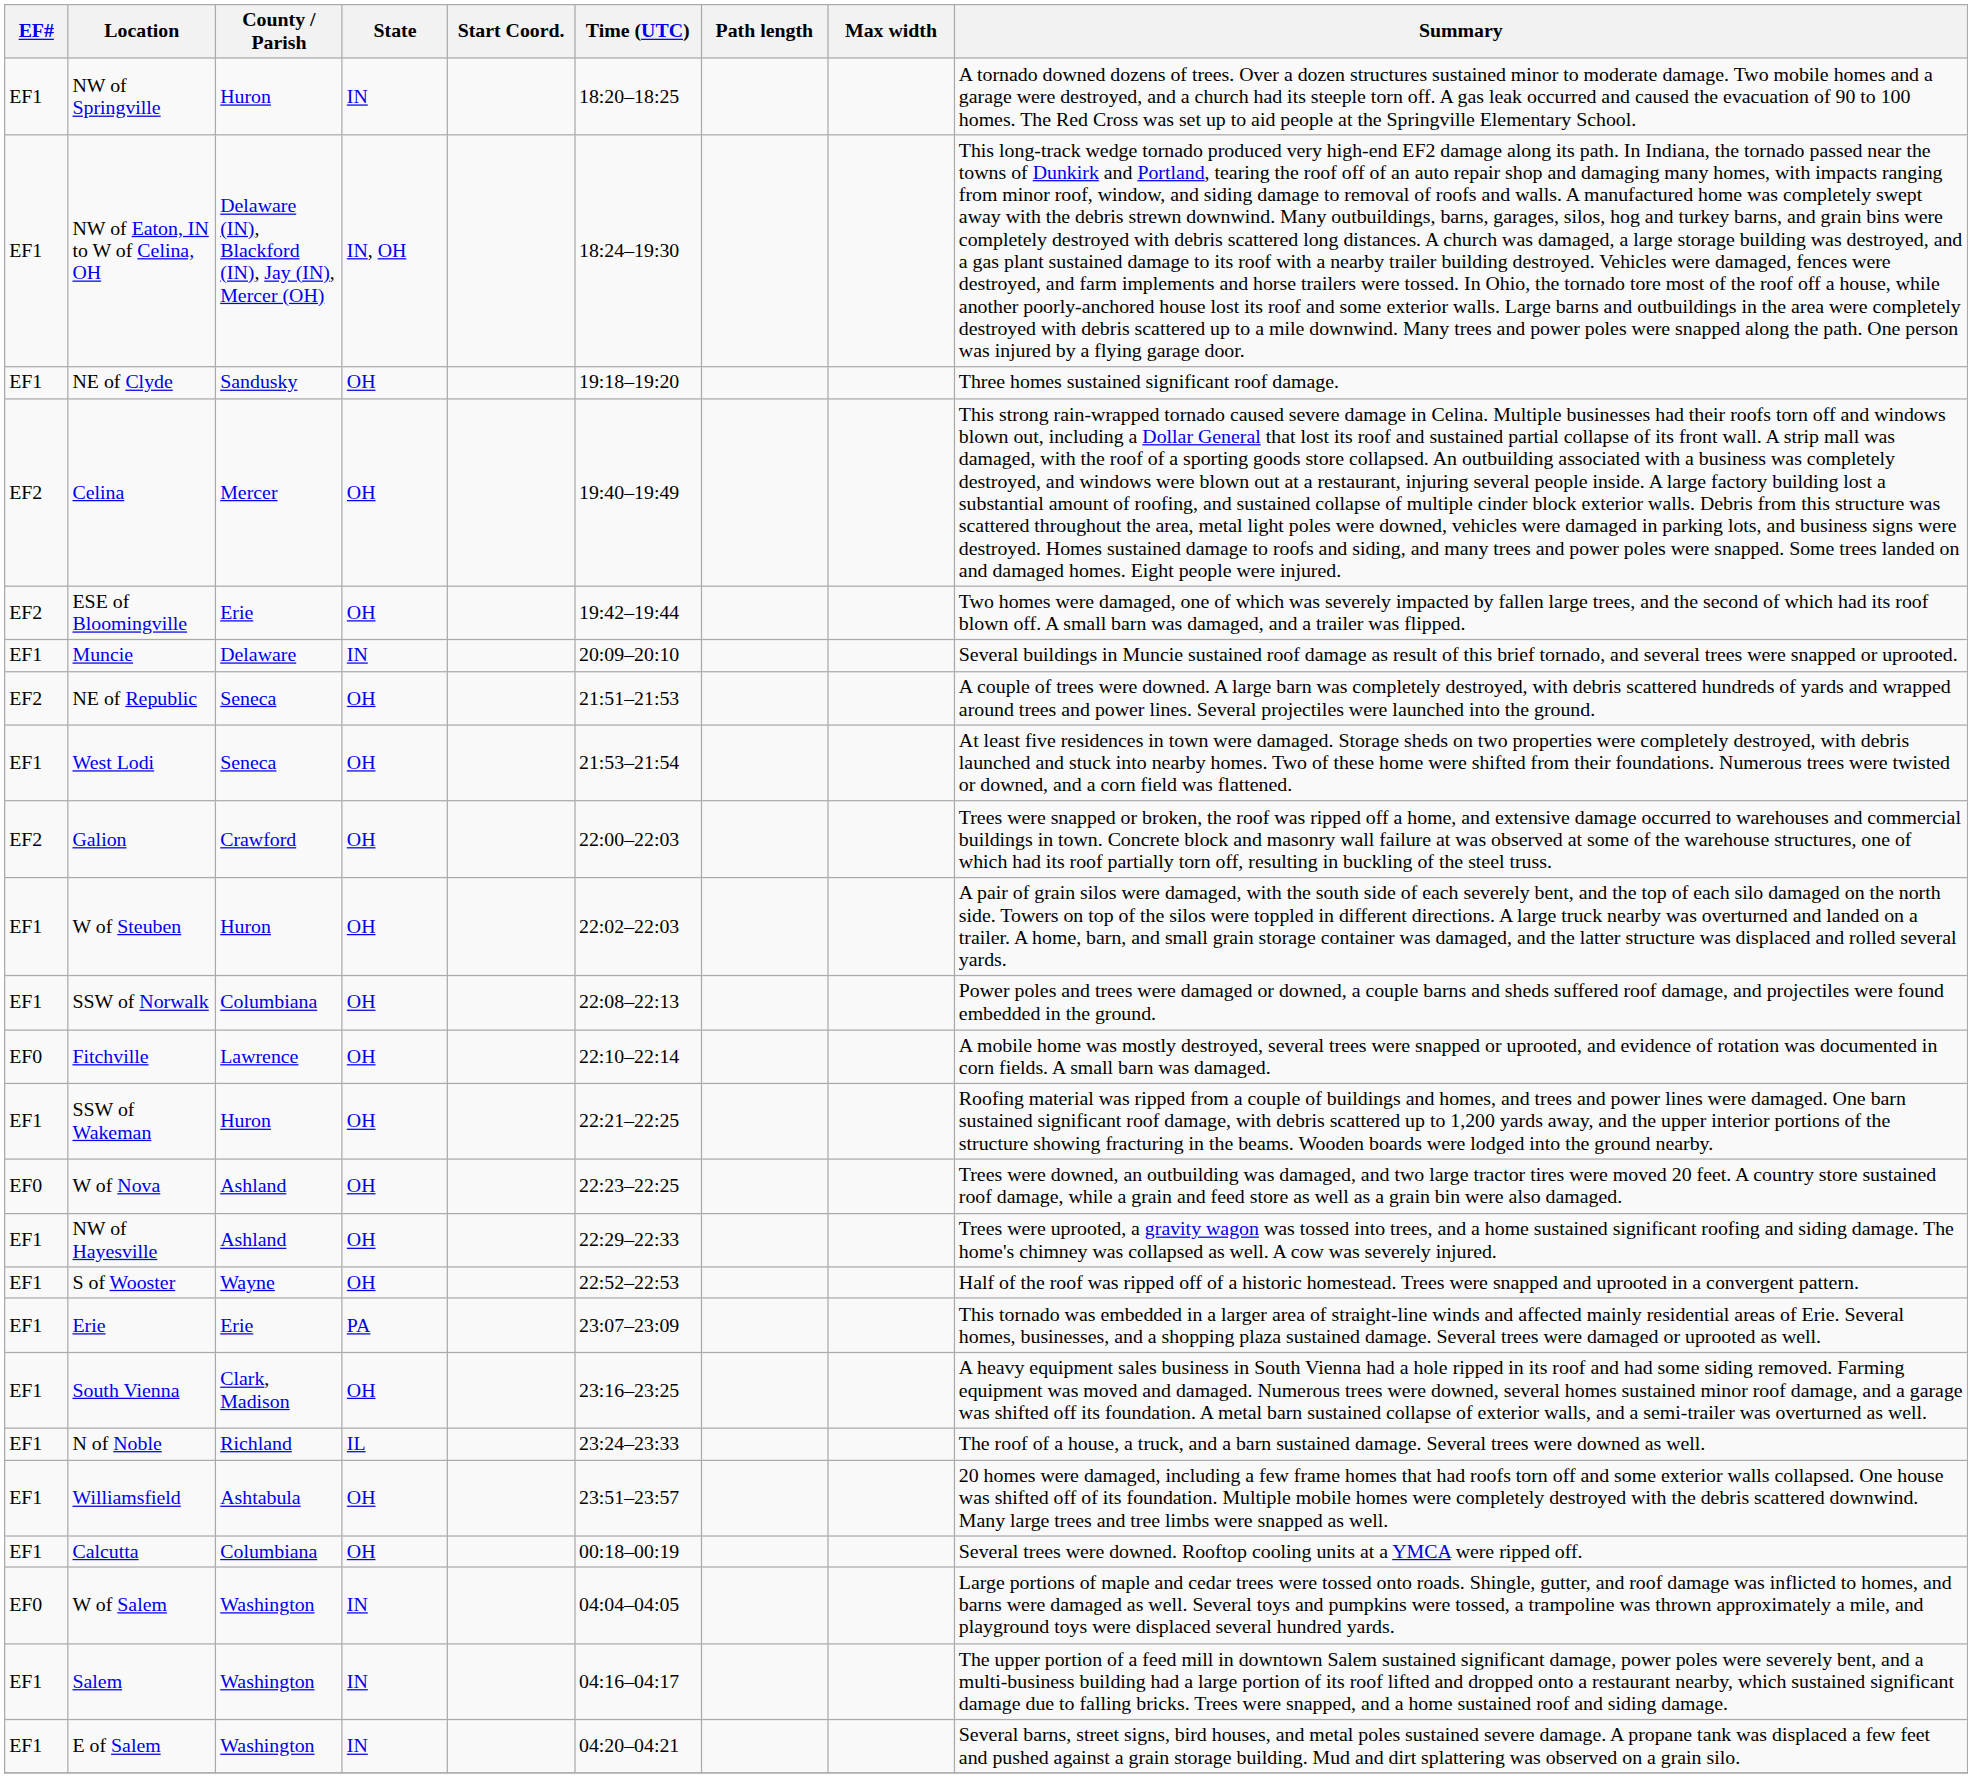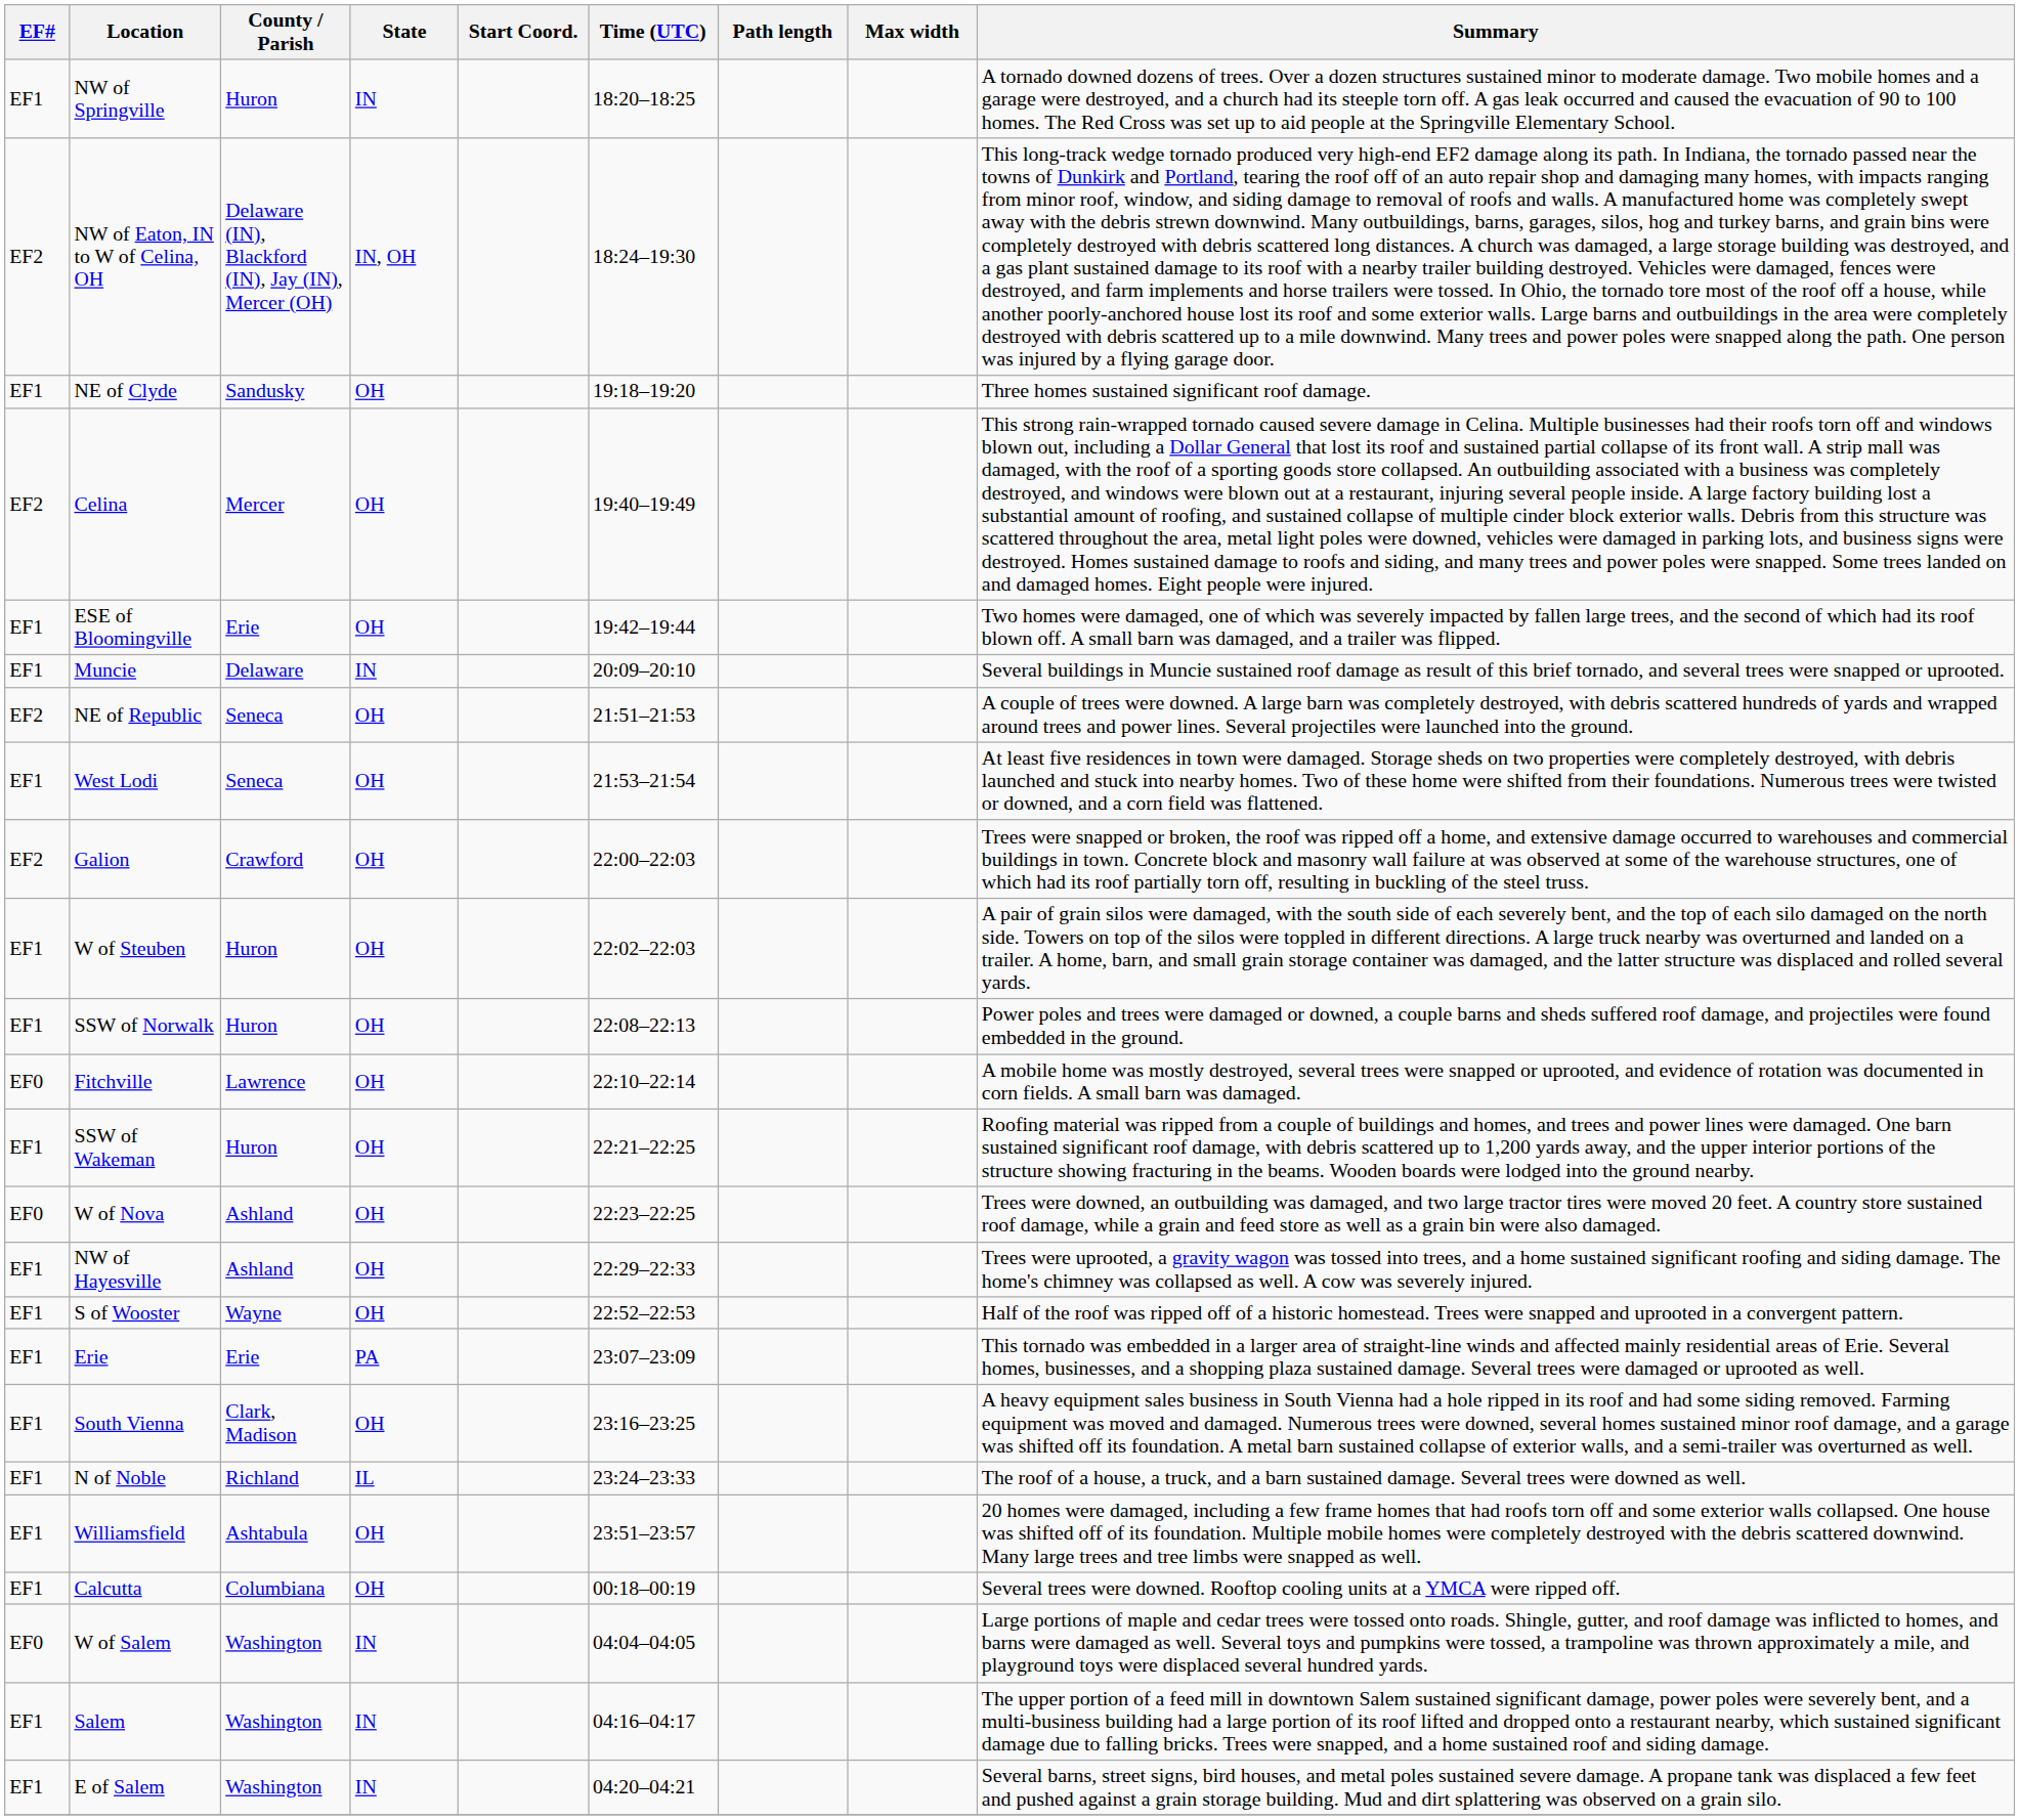 <table class="wikitable sortable" style="width:100%;">
 <tr>
 <th scope="col"  style="width:3%; text-align:center;"><a href='#'>EF#</a></th>
 <th scope="col"  style="width:7%; text-align:center;" class="unsortable">Location</th>
 <th scope="col"  style="width:6%; text-align:center;" class="unsortable">County / Parish</th>
 <th scope="col"  style="width:5%; text-align:center;">State</th>
 <th scope="col"  style="width:6%; text-align:center;">Start Coord.</th>
 <th scope="col"  style="width:6%; text-align:center;">Time (<a href='#'>UTC</a>)</th>
 <th scope="col"  style="width:6%; text-align:center;">Path length</th>
 <th scope="col"  style="width:6%; text-align:center;">Max width</th>
 <th scope="col" class="unsortable" style="width:48%; text-align:center;">Summary</th>
 </tr>
 <tr>
 <td>EF1</td>
 <td>NW of <a href='#'>Springville</a></td>
 <td><a href='#'>Huron</a></td>
 <td><a href='#'>IN</a></td>
 <td></td>
 <td>18:20–18:25</td>
 <td></td>
 <td></td>
 <td>A tornado downed dozens of trees. Over a dozen structures sustained minor to moderate damage. Two mobile homes and a garage were destroyed, and a church had its steeple torn off. A gas leak occurred and caused the evacuation of 90 to 100 homes. The Red Cross was set up to aid people at the Springville Elementary School.</td>
 </tr>
 <tr>
-<td>EF1</td>
+<td>EF2</td>
 <td>NW of <a href='#'>Eaton, IN</a> to W of <a href='#'>Celina, OH</a></td>
 <td><a href='#'>Delaware (IN)</a>, <a href='#'>Blackford (IN)</a>,  <a href='#'>Jay (IN)</a>, <a href='#'>Mercer (OH)</a></td>
 <td><a href='#'>IN</a>, <a href='#'>OH</a></td>
 <td></td>
 <td>18:24–19:30</td>
 <td></td>
 <td></td>
 <td>This long-track wedge tornado produced very high-end EF2 damage along its path. In Indiana, the tornado passed near the towns of <a href='#'>Dunkirk</a> and <a href='#'>Portland</a>, tearing the roof off of an auto repair shop and damaging many homes, with impacts ranging from minor roof, window, and siding damage to removal of roofs and walls. A manufactured home was completely swept away with the debris strewn downwind. Many outbuildings, barns, garages, silos, hog and turkey barns, and grain bins were completely destroyed with debris scattered long distances. A church was damaged, a large storage building was destroyed, and a gas plant sustained damage to its roof with a nearby trailer building destroyed. Vehicles were damaged, fences were destroyed, and farm implements and horse trailers were tossed. In Ohio, the tornado tore most of the roof off a house, while another poorly-anchored house lost its roof and some exterior walls. Large barns and outbuildings in the area were completely destroyed with debris scattered up to a mile downwind. Many trees and power poles were snapped along the path. One person was injured by a flying garage door.</td>
 </tr>
 <tr>
 <td>EF1</td>
 <td>NE of <a href='#'>Clyde</a></td>
 <td><a href='#'>Sandusky</a></td>
 <td><a href='#'>OH</a></td>
 <td></td>
 <td>19:18–19:20</td>
 <td></td>
 <td></td>
 <td>Three homes sustained significant roof damage.</td>
 </tr>
 <tr>
 <td>EF2</td>
 <td><a href='#'>Celina</a></td>
 <td><a href='#'>Mercer</a></td>
 <td><a href='#'>OH</a></td>
 <td></td>
 <td>19:40–19:49</td>
 <td></td>
 <td></td>
 <td>This strong rain-wrapped tornado caused severe damage in Celina. Multiple businesses had their roofs torn off and windows blown out, including a <a href='#'>Dollar General</a> that lost its roof and sustained partial collapse of its front wall. A strip mall was damaged, with the roof of a sporting goods store collapsed. An outbuilding associated with a business was completely destroyed, and windows were blown out at a restaurant, injuring several people inside. A large factory building lost a substantial amount of roofing, and sustained collapse of multiple cinder block exterior walls. Debris from this structure was scattered throughout the area, metal light poles were downed, vehicles were damaged in parking lots, and business signs were destroyed. Homes sustained damage to roofs and siding, and many trees and power poles were snapped. Some trees landed on and damaged homes. Eight people were injured.</td>
 </tr>
 <tr>
-<td>EF2</td>
+<td>EF1</td>
 <td>ESE of <a href='#'>Bloomingville</a></td>
 <td><a href='#'>Erie</a></td>
 <td><a href='#'>OH</a></td>
 <td></td>
 <td>19:42–19:44</td>
 <td></td>
 <td></td>
 <td>Two homes were damaged, one of which was severely impacted by fallen large trees, and the second of which had its roof blown off. A small barn was damaged, and a trailer was flipped.</td>
 </tr>
 <tr>
 <td>EF1</td>
 <td><a href='#'>Muncie</a></td>
 <td><a href='#'>Delaware</a></td>
 <td><a href='#'>IN</a></td>
 <td></td>
 <td>20:09–20:10</td>
 <td></td>
 <td></td>
 <td>Several buildings in Muncie sustained roof damage as result of this brief tornado, and several trees were snapped or uprooted.</td>
 </tr>
 <tr>
 <td>EF2</td>
 <td>NE of <a href='#'>Republic</a></td>
 <td><a href='#'>Seneca</a></td>
 <td><a href='#'>OH</a></td>
 <td></td>
 <td>21:51–21:53</td>
 <td></td>
 <td></td>
 <td>A couple of trees were downed. A large barn was completely destroyed, with debris scattered hundreds of yards and wrapped around trees and power lines. Several projectiles were launched into the ground.</td>
 </tr>
 <tr>
 <td>EF1</td>
 <td><a href='#'>West Lodi</a></td>
 <td><a href='#'>Seneca</a></td>
 <td><a href='#'>OH</a></td>
 <td></td>
 <td>21:53–21:54</td>
 <td></td>
 <td></td>
 <td>At least five residences in town were damaged. Storage sheds on two properties were completely destroyed, with debris launched and stuck into nearby homes. Two of these home were shifted from their foundations. Numerous trees were twisted or downed, and a corn field was flattened.</td>
 </tr>
 <tr>
 <td>EF2</td>
 <td><a href='#'>Galion</a></td>
 <td><a href='#'>Crawford</a></td>
 <td><a href='#'>OH</a></td>
 <td></td>
 <td>22:00–22:03</td>
 <td></td>
 <td></td>
 <td>Trees were snapped or broken, the roof was ripped off a home, and extensive damage occurred to warehouses and commercial buildings in town. Concrete block and masonry wall failure at was observed at some of the warehouse structures, one of which had its roof partially torn off, resulting in buckling of the steel truss.</td>
 </tr>
 <tr>
 <td>EF1</td>
 <td>W of <a href='#'>Steuben</a></td>
 <td><a href='#'>Huron</a></td>
 <td><a href='#'>OH</a></td>
 <td></td>
 <td>22:02–22:03</td>
 <td></td>
 <td></td>
 <td>A pair of grain silos were damaged, with the south side of each severely bent, and the top of each silo damaged on the north side. Towers on top of the silos were toppled in different directions. A large truck nearby was overturned and landed on a trailer. A home, barn, and small grain storage container was damaged, and the latter structure was displaced and rolled several yards.</td>
 </tr>
 <tr>
 <td>EF1</td>
 <td>SSW of <a href='#'>Norwalk</a></td>
-<td><a href='#'>Columbiana</a></td>
+<td><a href='#'>Huron</a></td>
 <td><a href='#'>OH</a></td>
 <td></td>
 <td>22:08–22:13</td>
 <td></td>
 <td></td>
 <td>Power poles and trees were damaged or downed, a couple barns and sheds suffered roof damage, and projectiles were found embedded in the ground.</td>
 </tr>
 <tr>
 <td>EF0</td>
 <td><a href='#'>Fitchville</a></td>
 <td><a href='#'>Lawrence</a></td>
 <td><a href='#'>OH</a></td>
 <td></td>
 <td>22:10–22:14</td>
 <td></td>
 <td></td>
 <td>A mobile home was mostly destroyed, several trees were snapped or uprooted, and evidence of rotation was documented in corn fields. A small barn was damaged.</td>
 </tr>
 <tr>
 <td>EF1</td>
 <td>SSW of <a href='#'>Wakeman</a></td>
 <td><a href='#'>Huron</a></td>
 <td><a href='#'>OH</a></td>
 <td></td>
 <td>22:21–22:25</td>
 <td></td>
 <td></td>
 <td>Roofing material was ripped from a couple of buildings and homes, and trees and power lines were damaged. One barn sustained significant roof damage, with debris scattered up to 1,200 yards away, and the upper interior portions of the structure showing fracturing in the beams. Wooden boards were lodged into the ground nearby.</td>
 </tr>
 <tr>
 <td>EF0</td>
 <td>W of <a href='#'>Nova</a></td>
 <td><a href='#'>Ashland</a></td>
 <td><a href='#'>OH</a></td>
 <td></td>
 <td>22:23–22:25</td>
 <td></td>
 <td></td>
 <td>Trees were downed, an outbuilding was damaged, and two large tractor tires were moved 20 feet. A country store sustained roof damage, while a grain and feed store as well as a grain bin were also damaged.</td>
 </tr>
 <tr>
 <td>EF1</td>
 <td>NW of <a href='#'>Hayesville</a></td>
 <td><a href='#'>Ashland</a></td>
 <td><a href='#'>OH</a></td>
 <td></td>
 <td>22:29–22:33</td>
 <td></td>
 <td></td>
 <td>Trees were uprooted, a <a href='#'>gravity wagon</a> was tossed into trees, and a home sustained significant roofing and siding damage. The home's chimney was collapsed as well. A cow was severely injured.</td>
 </tr>
 <tr>
 <td>EF1</td>
 <td>S of <a href='#'>Wooster</a></td>
 <td><a href='#'>Wayne</a></td>
 <td><a href='#'>OH</a></td>
 <td></td>
 <td>22:52–22:53</td>
 <td></td>
 <td></td>
 <td>Half of the roof was ripped off of a historic homestead. Trees were snapped and uprooted in a convergent pattern.</td>
 </tr>
 <tr>
 <td>EF1</td>
 <td><a href='#'>Erie</a></td>
 <td><a href='#'>Erie</a></td>
 <td><a href='#'>PA</a></td>
 <td></td>
 <td>23:07–23:09</td>
 <td></td>
 <td></td>
 <td>This tornado was embedded in a larger area of straight-line winds and affected mainly residential areas of Erie. Several homes, businesses, and a shopping plaza sustained damage. Several trees were damaged or uprooted as well.</td>
 </tr>
 <tr>
 <td>EF1</td>
 <td><a href='#'>South Vienna</a></td>
 <td><a href='#'>Clark</a>, <a href='#'>Madison</a></td>
 <td><a href='#'>OH</a></td>
 <td></td>
 <td>23:16–23:25</td>
 <td></td>
 <td></td>
 <td>A heavy equipment sales business in South Vienna had a hole ripped in its roof and had some siding removed. Farming equipment was moved and damaged. Numerous trees were downed, several homes sustained minor roof damage, and a garage was shifted off its foundation. A metal barn sustained collapse of exterior walls, and a semi-trailer was overturned as well.</td>
 </tr>
 <tr>
 <td>EF1</td>
 <td>N of <a href='#'>Noble</a></td>
 <td><a href='#'>Richland</a></td>
 <td><a href='#'>IL</a></td>
 <td></td>
 <td>23:24–23:33</td>
 <td></td>
 <td></td>
 <td>The roof of a house, a truck, and a barn sustained damage. Several trees were downed as well.</td>
 </tr>
 <tr>
 <td>EF1</td>
 <td><a href='#'>Williamsfield</a></td>
 <td><a href='#'>Ashtabula</a></td>
 <td><a href='#'>OH</a></td>
 <td></td>
 <td>23:51–23:57</td>
 <td></td>
 <td></td>
 <td>20 homes were damaged, including a few frame homes that had roofs torn off and some exterior walls collapsed. One house was shifted off of its foundation. Multiple mobile homes were completely destroyed with the debris scattered downwind. Many large trees and tree limbs were snapped as well.</td>
 </tr>
 <tr>
 <td>EF1</td>
 <td><a href='#'>Calcutta</a></td>
 <td><a href='#'>Columbiana</a></td>
 <td><a href='#'>OH</a></td>
 <td></td>
 <td>00:18–00:19</td>
 <td></td>
 <td></td>
 <td>Several trees were downed. Rooftop cooling units at a <a href='#'>YMCA</a> were ripped off.</td>
 </tr>
 <tr>
 <td>EF0</td>
 <td>W of <a href='#'>Salem</a></td>
 <td><a href='#'>Washington</a></td>
 <td><a href='#'>IN</a></td>
 <td></td>
 <td>04:04–04:05</td>
 <td></td>
 <td></td>
 <td>Large portions of maple and cedar trees were tossed onto roads. Shingle, gutter, and roof damage was inflicted to homes, and barns were damaged as well. Several toys and pumpkins were tossed, a trampoline was thrown approximately a mile, and playground toys were displaced several hundred yards.</td>
 </tr>
 <tr>
 <td>EF1</td>
 <td><a href='#'>Salem</a></td>
 <td><a href='#'>Washington</a></td>
 <td><a href='#'>IN</a></td>
 <td></td>
 <td>04:16–04:17</td>
 <td></td>
 <td></td>
 <td>The upper portion of a feed mill in downtown Salem sustained significant damage, power poles were severely bent, and a multi-business building had a large portion of its roof lifted and dropped onto a restaurant nearby, which sustained significant damage due to falling bricks. Trees were snapped, and a home sustained roof and siding damage.</td>
 </tr>
 <tr>
 <td>EF1</td>
 <td>E of <a href='#'>Salem</a></td>
 <td><a href='#'>Washington</a></td>
 <td><a href='#'>IN</a></td>
 <td></td>
 <td>04:20–04:21</td>
 <td></td>
 <td></td>
 <td>Several barns, street signs, bird houses, and metal poles sustained severe damage. A  propane tank was displaced a few feet and pushed against a grain storage building. Mud and dirt splattering was observed on a grain silo.</td>
 </tr>
 <tr>
 </tr>
 </table>
